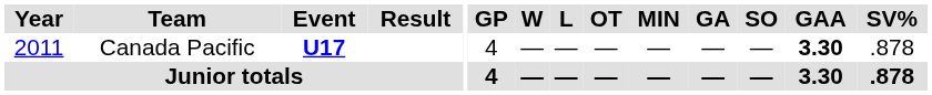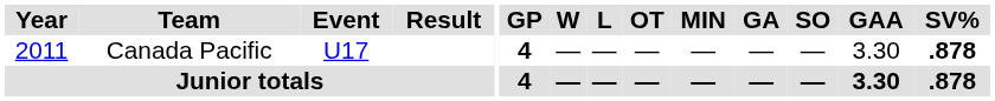 <table border="0" cellpadding="1" cellspacing="0" ID="Table3" style="text-align:center; width:40em">
 <tr ALIGN="center" bgcolor="#e0e0e0">
 <th>Year</th>
 <th>Team</th>
 <th>Event</th>
 <th>Result</th>
 <th rowspan="99" bgcolor="#ffffff"></th>
 <th>GP</th>
 <th>W</th>
 <th>L</th>
 <th>OT</th>
 <th>MIN</th>
 <th>GA</th>
 <th>SO</th>
 <th>GAA</th>
 <th>SV%</th>
 </tr>
 <tr ALIGN="center">
 <td><a href='#'>2011</a></td>
 <td>Canada Pacific</td>
-<td><strong><a href='#'>U17</a></strong></td>
+<td><a href='#'>U17</a></td>
 <td></td>
-<td>4</td>
+<td><strong>4</strong></td>
 <td>—</td>
 <td>—</td>
 <td>—</td>
 <td>—</td>
 <td>—</td>
 <td>—</td>
-<td><strong>3.30</strong></td>
-<td>.878</td>
+<td>3.30</td>
+<td><strong>.878</strong></td>
 </tr>
 <tr ALIGN="center" bgcolor="#e0e0e0">
 <th colspan=4>Junior totals</th>
 <th>4</th>
 <th>—</th>
 <th>—</th>
 <th>—</th>
 <th>—</th>
 <th>—</th>
 <th>—</th>
 <th>3.30</th>
 <th>.878</th>
 </tr>
 </table>
